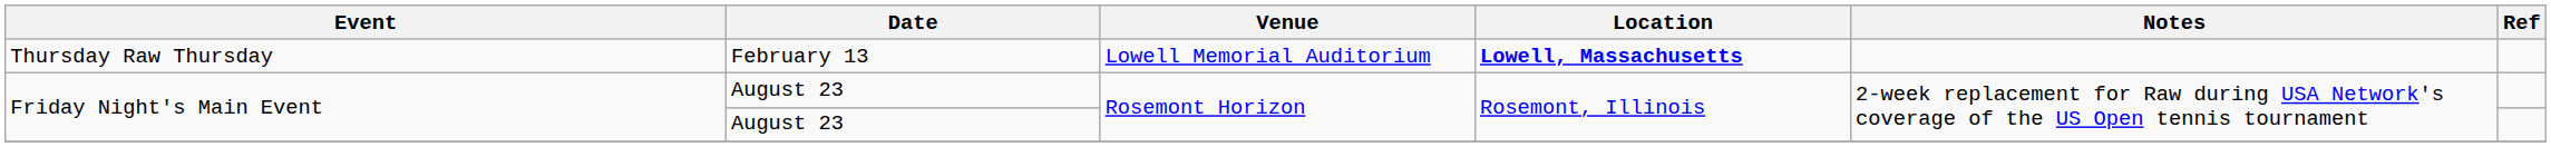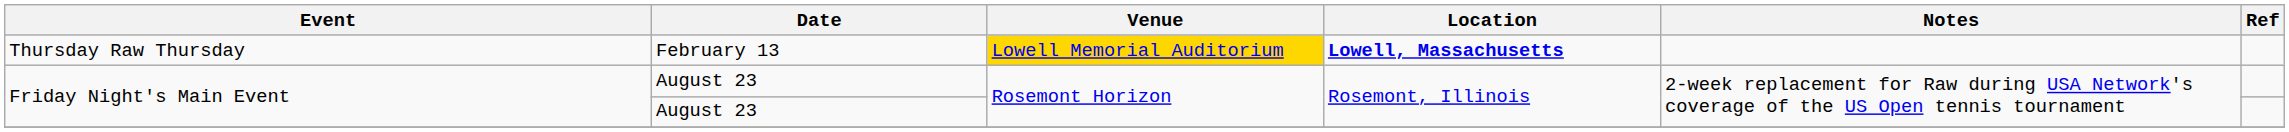 <table class="wikitable plainrowheaders sortable" style="width:100%;">
 <tr>
 <th style="width:29%;">Event</th>
 <th style="width:15%;">Date</th>
 <th style="width:15%;">Venue</th>
 <th style="width:15%;">Location</th>
 <th style="width:99%;">Notes</th>
 <th style="width:99%;">Ref</th>
 </tr>
 <tr>
 <td>Thursday Raw Thursday</td>
 <td>February 13</td>
-<td><a href='#'>Lowell Memorial Auditorium</a></td>
+<td style="background: gold;"><a href='#'>Lowell Memorial Auditorium</a></td>
 <td><strong><a href='#'>Lowell, Massachusetts</a></strong></td>
 <td></td>
 </tr>
 <tr>
 <td rowspan=2>Friday Night's Main Event</td>
 <td>August 23<br></td>
 <td rowspan=2><a href='#'>Rosemont Horizon</a></td>
 <td rowspan=2><a href='#'>Rosemont, Illinois</a></td>
 <td rowspan=2>2-week replacement for Raw during <a href='#'>USA Network</a>'s coverage of the <a href='#'>US Open</a> tennis tournament</td>
 <td></td>
 </tr>
 <tr>
 <td>August 23<br></td>
 <td></td>
 </tr>
 <tr>
 </tr>
 </table>
